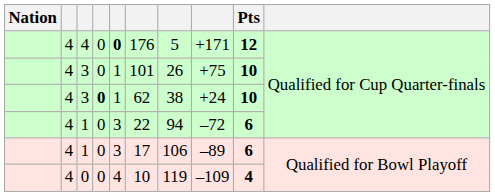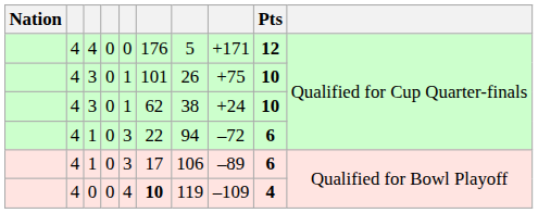 <table class="wikitable" style="text-align: center;">
 <tr>
 <th>Nation</th>
 <th></th>
 <th></th>
 <th></th>
 <th></th>
 <th></th>
 <th></th>
 <th></th>
 <th>Pts</th>
 <th></th>
 </tr>
 <tr bgcolor="#ccffcc">
 <td align="left"></td>
 <td>4</td>
 <td>4</td>
 <td>0</td>
-<td><strong>0</strong></td>
+<td>0</td>
 <td>176</td>
 <td>5</td>
 <td>+171</td>
 <td><strong>12</strong></td>
 <td rowspan="4">Qualified for Cup Quarter-finals</td>
 </tr>
 <tr bgcolor="#ccffcc">
 <td align="left"></td>
 <td>4</td>
 <td>3</td>
 <td>0</td>
 <td>1</td>
 <td>101</td>
 <td>26</td>
 <td>+75</td>
 <td><strong>10</strong></td>
 </tr>
 <tr bgcolor="#ccffcc">
 <td align="left"></td>
 <td>4</td>
 <td>3</td>
-<td><strong>0</strong></td>
+<td>0</td>
 <td>1</td>
 <td>62</td>
 <td>38</td>
 <td>+24</td>
 <td><strong>10</strong></td>
 </tr>
 <tr bgcolor="#ccffcc">
 <td align="left"></td>
 <td>4</td>
 <td>1</td>
 <td>0</td>
 <td>3</td>
 <td>22</td>
 <td>94</td>
 <td>–72</td>
 <td><strong>6</strong></td>
 </tr>
 <tr bgcolor="FFE4E1">
 <td align="left"></td>
 <td>4</td>
 <td>1</td>
 <td>0</td>
 <td>3</td>
 <td>17</td>
 <td>106</td>
 <td>–89</td>
 <td><strong>6</strong></td>
 <td rowspan="2">Qualified for Bowl Playoff</td>
 </tr>
 <tr bgcolor="FFE4E1">
 <td align="left"></td>
 <td>4</td>
 <td>0</td>
 <td>0</td>
 <td>4</td>
-<td>10</td>
+<td><strong>10</strong></td>
 <td>119</td>
 <td>–109</td>
 <td><strong>4</strong></td>
 </tr>
 </table>
